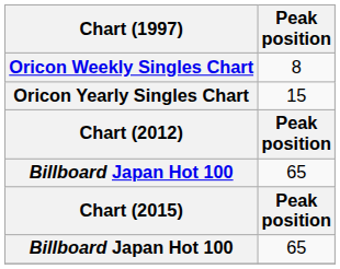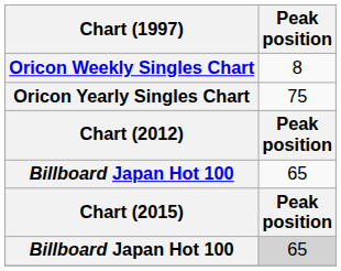 <table class="wikitable plainrowheaders">
 <tr>
 <th>Chart (1997)</th>
 <th>Peak<br>position</th>
 </tr>
 <tr>
 <th scope="row"><a href='#'>Oricon Weekly Singles Chart</a></th>
 <td style="text-align:center;">8</td>
 </tr>
 <tr>
 <th scope="row">Oricon Yearly Singles Chart</th>
-<td style="text-align:center;">15</td>
+<td style="text-align:center;">75</td>
 </tr>
 <tr>
 <th>Chart (2012)</th>
 <th>Peak<br>position</th>
 </tr>
 <tr>
 <th scope="row"><em>Billboard</em> <a href='#'>Japan Hot 100</a></th>
 <td style="text-align:center;">65</td>
 </tr>
 <tr>
 <th>Chart (2015)</th>
 <th>Peak<br>position</th>
 </tr>
 <tr>
 <th scope="row"><em>Billboard</em> Japan Hot 100</th>
-<td style="text-align: center;">65</td>
+<td style="background: lightgrey; text-align: center;">65</td>
 </tr>
 <tr>
 </tr>
 </table>
